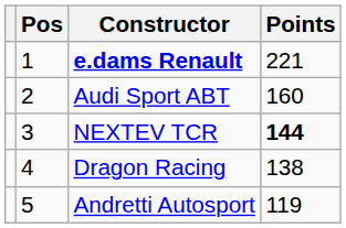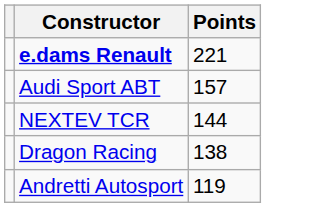 <table class="wikitable" style="font-size: 95%; display:inline-table;">
 <tr>
 <th></th>
-<th>Pos</th>
 <th>Constructor</th>
 <th>Points</th>
 </tr>
 <tr>
 <td align="left"></td>
-<td>1</td>
 <td> <strong><a href='#'>e.dams Renault</a></strong></td>
 <td>221</td>
 </tr>
 <tr>
 <td align="left"></td>
-<td>2</td>
 <td> <a href='#'>Audi Sport ABT</a></td>
-<td>160</td>
+<td>157</td>
 </tr>
 <tr>
 <td align="left"></td>
-<td>3</td>
 <td> <a href='#'>NEXTEV TCR</a></td>
-<td><strong>144</strong></td>
+<td>144</td>
 </tr>
 <tr>
 <td align="left"></td>
-<td>4</td>
 <td> <a href='#'>Dragon Racing</a></td>
 <td>138</td>
 </tr>
 <tr>
 <td align="left"></td>
-<td>5</td>
 <td> <a href='#'>Andretti Autosport</a></td>
 <td>119</td>
 </tr>
 </table>
